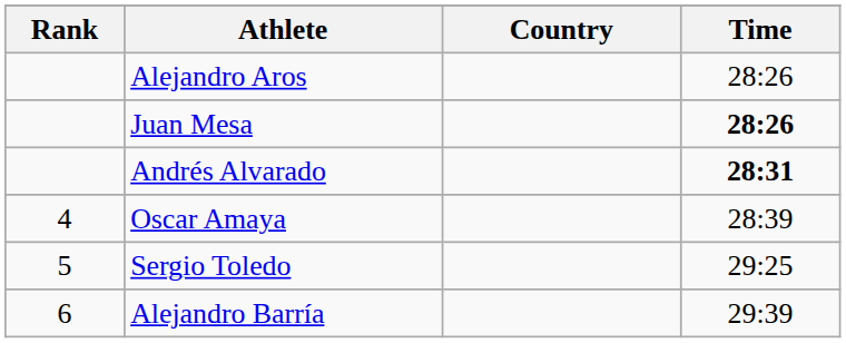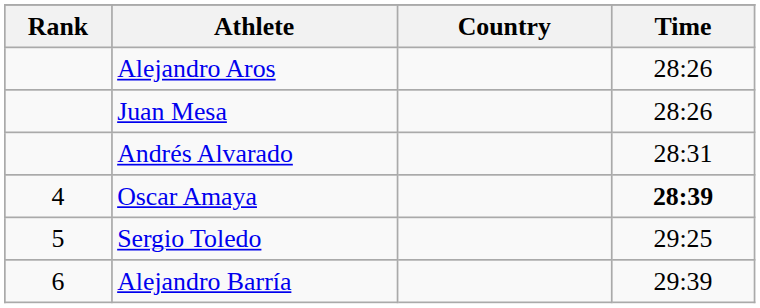 <table class="wikitable sortable" style=" text-align:center; font-size:95%;" width="50%">
 <tr>
 </tr>
 <tr>
 <th width=5%>Rank</th>
 <th width=20%>Athlete</th>
 <th width=15%>Country</th>
 <th width=10%>Time</th>
 </tr>
 <tr>
 <td align=center></td>
 <td align=left><a href='#'>Alejandro Aros</a></td>
 <td align=left></td>
 <td>28:26</td>
 </tr>
 <tr>
 <td align=center></td>
 <td align=left><a href='#'>Juan Mesa</a></td>
 <td align=left></td>
-<td><strong>28:26</strong></td>
+<td>28:26</td>
 </tr>
 <tr>
 <td align=center></td>
 <td align=left><a href='#'>Andrés Alvarado</a></td>
 <td align=left></td>
-<td><strong>28:31</strong></td>
+<td>28:31</td>
 </tr>
 <tr>
 <td align=center>4</td>
 <td align=left><a href='#'>Oscar Amaya</a></td>
 <td align=left></td>
-<td>28:39</td>
+<td><strong>28:39</strong></td>
 </tr>
 <tr>
 <td align=center>5</td>
 <td align=left><a href='#'>Sergio Toledo</a></td>
 <td align=left></td>
 <td>29:25</td>
 </tr>
 <tr>
 <td align=center>6</td>
 <td align=left><a href='#'>Alejandro Barría</a></td>
 <td align=left></td>
 <td>29:39</td>
 </tr>
 </table>
